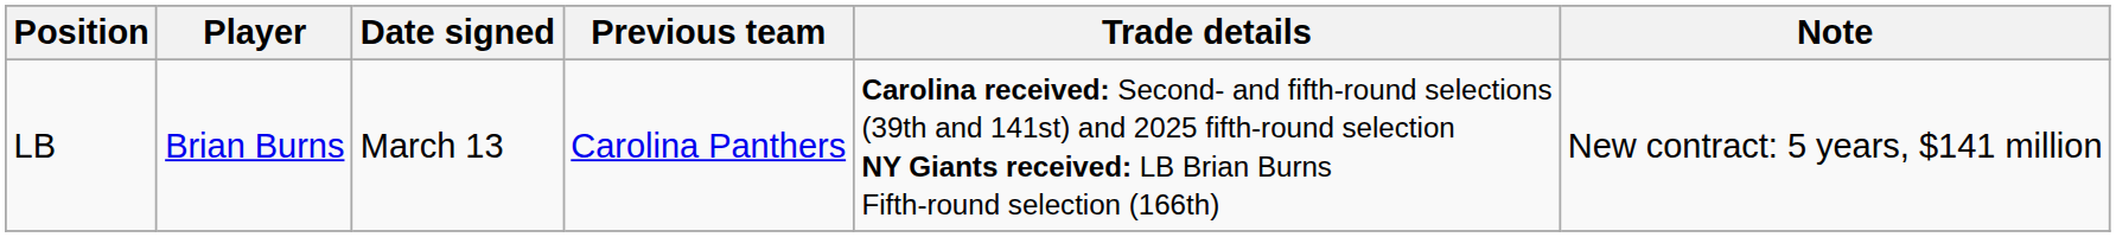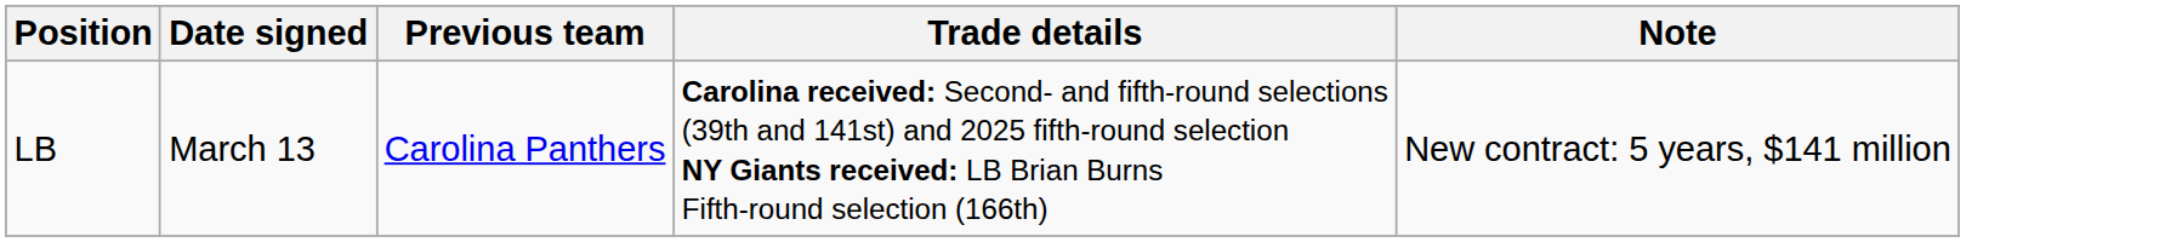 <table class="wikitable">
 <tr>
 <th>Position</th>
-<th>Player</th>
 <th>Date signed</th>
 <th>Previous team</th>
 <th>Trade details</th>
 <th>Note</th>
 </tr>
 <tr>
 <td>LB</td>
-<td><a href='#'>Brian Burns</a></td>
 <td>March 13</td>
 <td><a href='#'>Carolina Panthers</a></td>
 <td><small><strong>Carolina received:</strong> Second- and fifth-round selections<br> (39th and 141st) and 2025 fifth-round selection</small><br><small><strong>NY Giants received:</strong> LB Brian Burns <br> Fifth-round selection (166th)</small></td>
 <td>New contract: 5 years, $141 million</td>
 </tr>
 </table>
